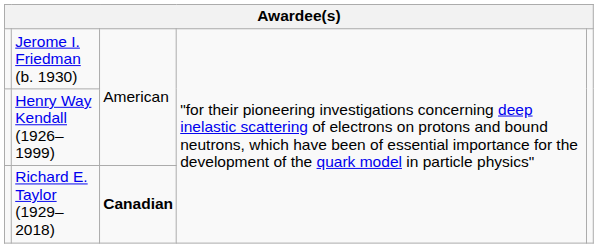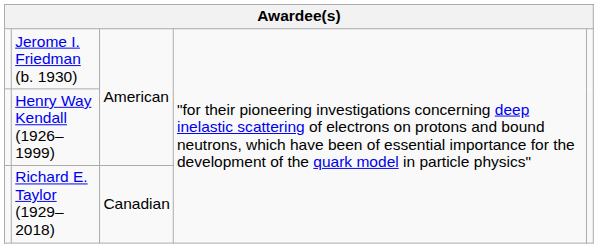 <table class="wikitable">
 <tr>
 <th colspan="5">Awardee(s)</th>
 </tr>
 <tr>
 <td></td>
 <td><a href='#'>Jerome I. Friedman</a><br>(b. 1930)</td>
 <td rowspan="2"> American</td>
 <td rowspan="3">"for their pioneering investigations concerning <a href='#'>deep inelastic scattering</a> of electrons on protons and bound neutrons, which have been of essential importance for the development of the <a href='#'>quark model</a> in particle physics"</td>
 <td rowspan="3"></td>
 </tr>
 <tr>
 <td></td>
 <td><a href='#'>Henry Way Kendall</a><br>(1926–1999)</td>
 </tr>
 <tr>
 <td></td>
 <td><a href='#'>Richard E. Taylor</a><br>(1929–2018)</td>
-<td><strong> Canadian</strong></td>
+<td> Canadian</td>
 </tr>
 </table>
